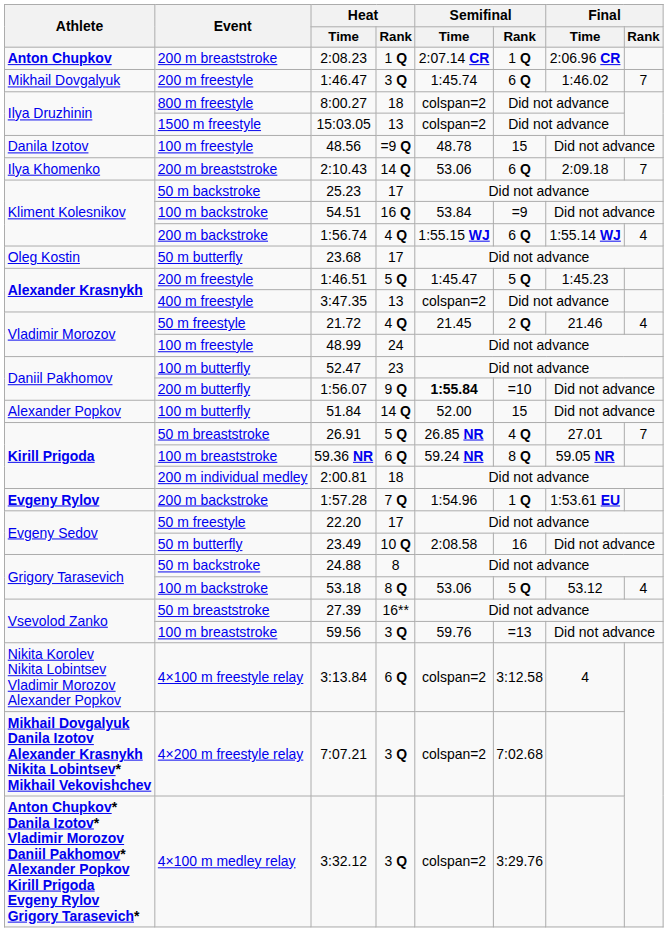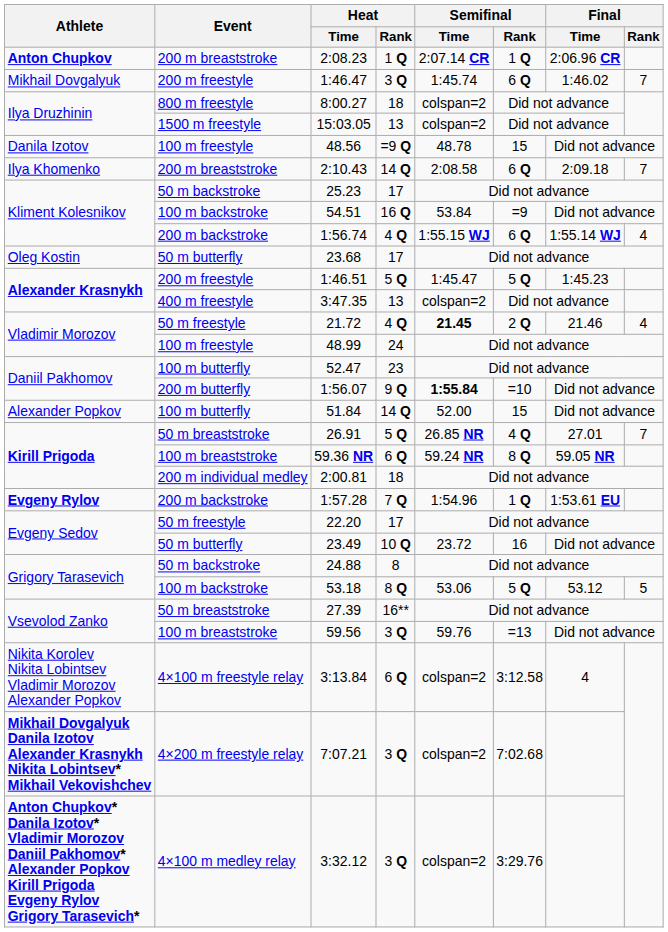 <table class=wikitable style="font-size:90%">
 <tr>
 <th rowspan="2">Athlete</th>
 <th rowspan="2">Event</th>
 <th colspan="2">Heat</th>
 <th colspan="2">Semifinal</th>
 <th colspan="2">Final</th>
 </tr>
 <tr style="font-size:95%">
 <th>Time</th>
 <th>Rank</th>
 <th>Time</th>
 <th>Rank</th>
 <th>Time</th>
 <th>Rank</th>
 </tr>
 <tr align=center>
 <td align=left><strong><a href='#'>Anton Chupkov</a></strong></td>
 <td align=left><a href='#'>200 m breaststroke</a></td>
 <td>2:08.23</td>
 <td>1 <strong>Q</strong></td>
 <td>2:07.14 <strong><a href='#'>CR</a></strong></td>
 <td>1 <strong>Q</strong></td>
 <td>2:06.96 <strong><a href='#'>CR</a></strong></td>
 <td></td>
 </tr>
 <tr align=center>
 <td align=left><a href='#'>Mikhail Dovgalyuk</a></td>
 <td align=left><a href='#'>200 m freestyle</a></td>
 <td>1:46.47</td>
 <td>3 <strong>Q</strong></td>
 <td>1:45.74</td>
 <td>6 <strong>Q</strong></td>
 <td>1:46.02</td>
 <td>7</td>
 </tr>
 <tr align=center>
 <td align=left rowspan=2><a href='#'>Ilya Druzhinin</a></td>
 <td align=left><a href='#'>800 m freestyle</a></td>
 <td>8:00.27</td>
 <td>18</td>
 <td>colspan=2 </td>
 <td colspan=2>Did not advance</td>
 </tr>
 <tr align=center>
 <td align=left><a href='#'>1500 m freestyle</a></td>
 <td>15:03.05</td>
 <td>13</td>
 <td>colspan=2 </td>
 <td colspan=2>Did not advance</td>
 </tr>
 <tr align=center>
 <td align=left><a href='#'>Danila Izotov</a></td>
 <td align=left><a href='#'>100 m freestyle</a></td>
 <td>48.56</td>
 <td>=9 <strong>Q</strong></td>
 <td>48.78</td>
 <td>15</td>
 <td colspan=2>Did not advance</td>
 </tr>
 <tr align=center>
 <td align=left><a href='#'>Ilya Khomenko</a></td>
 <td align=left><a href='#'>200 m breaststroke</a></td>
 <td>2:10.43</td>
 <td>14 <strong>Q</strong></td>
-<td>53.06</td>
+<td>2:08.58</td>
 <td>6 <strong>Q</strong></td>
 <td>2:09.18</td>
 <td>7</td>
 </tr>
 <tr align=center>
 <td align=left rowspan=3><a href='#'>Kliment Kolesnikov</a></td>
 <td align=left><a href='#'>50 m backstroke</a></td>
 <td>25.23</td>
 <td>17</td>
 <td colspan=4>Did not advance</td>
 </tr>
 <tr align=center>
 <td align=left><a href='#'>100 m backstroke</a></td>
 <td>54.51</td>
 <td>16 <strong>Q</strong></td>
 <td>53.84</td>
 <td>=9</td>
 <td colspan=2>Did not advance</td>
 </tr>
 <tr align=center>
 <td align=left><a href='#'>200 m backstroke</a></td>
 <td>1:56.74</td>
 <td>4 <strong>Q</strong></td>
 <td>1:55.15 <strong><a href='#'>WJ</a></strong></td>
 <td>6 <strong>Q</strong></td>
 <td>1:55.14 <strong><a href='#'>WJ</a></strong></td>
 <td>4</td>
 </tr>
 <tr align=center>
 <td align=left><a href='#'>Oleg Kostin</a></td>
 <td align=left><a href='#'>50 m butterfly</a></td>
 <td>23.68</td>
 <td>17</td>
 <td colspan=4>Did not advance</td>
 </tr>
 <tr align=center>
 <td align=left rowspan=2><strong><a href='#'>Alexander Krasnykh</a></strong></td>
 <td align=left><a href='#'>200 m freestyle</a></td>
 <td>1:46.51</td>
 <td>5 <strong>Q</strong></td>
 <td>1:45.47</td>
 <td>5 <strong>Q</strong></td>
 <td>1:45.23</td>
 <td></td>
 </tr>
 <tr align=center>
 <td align=left><a href='#'>400 m freestyle</a></td>
 <td>3:47.35</td>
 <td>13</td>
 <td>colspan=2 </td>
 <td colspan=2>Did not advance</td>
 </tr>
 <tr align=center>
 <td align=left rowspan=2><a href='#'>Vladimir Morozov</a></td>
 <td align=left><a href='#'>50 m freestyle</a></td>
 <td>21.72</td>
 <td>4 <strong>Q</strong></td>
-<td>21.45</td>
+<td><strong>21.45</strong></td>
 <td>2 <strong>Q</strong></td>
 <td>21.46</td>
 <td>4</td>
 </tr>
 <tr align=center>
 <td align=left><a href='#'>100 m freestyle</a></td>
 <td>48.99</td>
 <td>24</td>
 <td colspan=4>Did not advance</td>
 </tr>
 <tr align=center>
 <td align=left rowspan=2><a href='#'>Daniil Pakhomov</a></td>
 <td align=left><a href='#'>100 m butterfly</a></td>
 <td>52.47</td>
 <td>23</td>
 <td colspan=4>Did not advance</td>
 </tr>
 <tr align=center>
 <td align=left><a href='#'>200 m butterfly</a></td>
 <td>1:56.07</td>
 <td>9 <strong>Q</strong></td>
 <td><strong>1:55.84</strong></td>
 <td>=10</td>
 <td colspan=2>Did not advance</td>
 </tr>
 <tr align=center>
 <td align=left><a href='#'>Alexander Popkov</a></td>
 <td align=left><a href='#'>100 m butterfly</a></td>
 <td>51.84</td>
 <td>14 <strong>Q</strong></td>
 <td>52.00</td>
 <td>15</td>
 <td colspan=2>Did not advance</td>
 </tr>
 <tr align=center>
 <td align=left rowspan=3><strong><a href='#'>Kirill Prigoda</a></strong></td>
 <td align=left><a href='#'>50 m breaststroke</a></td>
 <td>26.91</td>
 <td>5 <strong>Q</strong></td>
 <td>26.85 <strong><a href='#'>NR</a></strong></td>
 <td>4 <strong>Q</strong></td>
 <td>27.01</td>
 <td>7</td>
 </tr>
 <tr align=center>
 <td align=left><a href='#'>100 m breaststroke</a></td>
 <td>59.36 <strong><a href='#'>NR</a></strong></td>
 <td>6 <strong>Q</strong></td>
 <td>59.24 <strong><a href='#'>NR</a></strong></td>
 <td>8 <strong>Q</strong></td>
 <td>59.05 <strong><a href='#'>NR</a></strong></td>
 <td></td>
 </tr>
 <tr align=center>
 <td align=left><a href='#'>200 m individual medley</a></td>
 <td>2:00.81</td>
 <td>18</td>
 <td colspan=4>Did not advance</td>
 </tr>
 <tr align=center>
 <td align=left><strong><a href='#'>Evgeny Rylov</a></strong></td>
 <td align=left><a href='#'>200 m backstroke</a></td>
 <td>1:57.28</td>
 <td>7 <strong>Q</strong></td>
 <td>1:54.96</td>
 <td>1 <strong>Q</strong></td>
 <td>1:53.61 <strong><a href='#'>EU</a></strong></td>
 <td></td>
 </tr>
 <tr align=center>
 <td align=left rowspan=2><a href='#'>Evgeny Sedov</a></td>
 <td align=left><a href='#'>50 m freestyle</a></td>
 <td>22.20</td>
 <td>17</td>
 <td colspan=4>Did not advance</td>
 </tr>
 <tr align=center>
 <td align=left><a href='#'>50 m butterfly</a></td>
 <td>23.49</td>
 <td>10 <strong>Q</strong></td>
-<td>2:08.58</td>
+<td>23.72</td>
 <td>16</td>
 <td colspan=2>Did not advance</td>
 </tr>
 <tr align=center>
 <td align=left rowspan=2><a href='#'>Grigory Tarasevich</a></td>
 <td align=left><a href='#'>50 m backstroke</a></td>
 <td>24.88</td>
 <td>8</td>
 <td colspan=4>Did not advance</td>
 </tr>
 <tr align=center>
 <td align=left><a href='#'>100 m backstroke</a></td>
 <td>53.18</td>
 <td>8 <strong>Q</strong></td>
 <td>53.06</td>
 <td>5 <strong>Q</strong></td>
 <td>53.12</td>
-<td>4</td>
+<td>5</td>
 </tr>
 <tr align=center>
 <td align=left rowspan=2><a href='#'>Vsevolod Zanko</a></td>
 <td align=left><a href='#'>50 m breaststroke</a></td>
 <td>27.39</td>
 <td>16**</td>
 <td colspan=4>Did not advance</td>
 </tr>
 <tr align=center>
 <td align=left><a href='#'>100 m breaststroke</a></td>
 <td>59.56</td>
 <td>3 <strong>Q</strong></td>
 <td>59.76</td>
 <td>=13</td>
 <td colspan=2>Did not advance</td>
 </tr>
 <tr align=center>
 <td align=left><a href='#'>Nikita Korolev</a><br><a href='#'>Nikita Lobintsev</a><br><a href='#'>Vladimir Morozov</a><br><a href='#'>Alexander Popkov</a></td>
 <td align=left><a href='#'>4×100 m freestyle relay</a></td>
 <td>3:13.84</td>
 <td>6 <strong>Q</strong></td>
 <td>colspan=2 </td>
 <td>3:12.58</td>
 <td>4</td>
 </tr>
 <tr align=center>
 <td align=left><strong><a href='#'>Mikhail Dovgalyuk</a><br><a href='#'>Danila Izotov</a><br><a href='#'>Alexander Krasnykh</a><br><a href='#'>Nikita Lobintsev</a>*<br><a href='#'>Mikhail Vekovishchev</a></strong></td>
 <td align=left><a href='#'>4×200 m freestyle relay</a></td>
 <td>7:07.21</td>
 <td>3 <strong>Q</strong></td>
 <td>colspan=2 </td>
 <td>7:02.68</td>
 <td></td>
 </tr>
 <tr align=center>
 <td align=left><strong><a href='#'>Anton Chupkov</a>*<br><a href='#'>Danila Izotov</a>*<br><a href='#'>Vladimir Morozov</a><br><a href='#'>Daniil Pakhomov</a>*<br><a href='#'>Alexander Popkov</a><br><a href='#'>Kirill Prigoda</a><br><a href='#'>Evgeny Rylov</a><br><a href='#'>Grigory Tarasevich</a>*</strong></td>
 <td align=left><a href='#'>4×100 m medley relay</a></td>
 <td>3:32.12</td>
 <td>3 <strong>Q</strong></td>
 <td>colspan=2 </td>
 <td>3:29.76</td>
 <td></td>
 </tr>
 </table>
